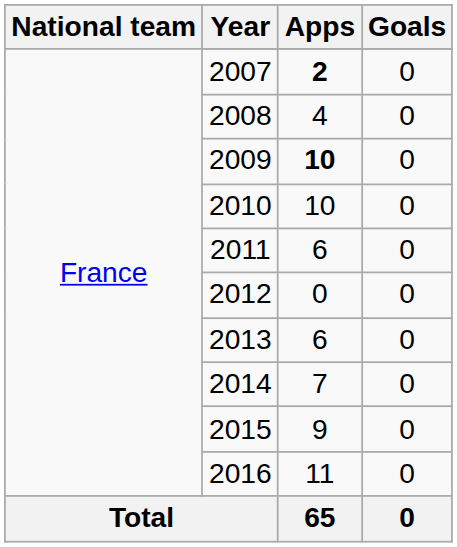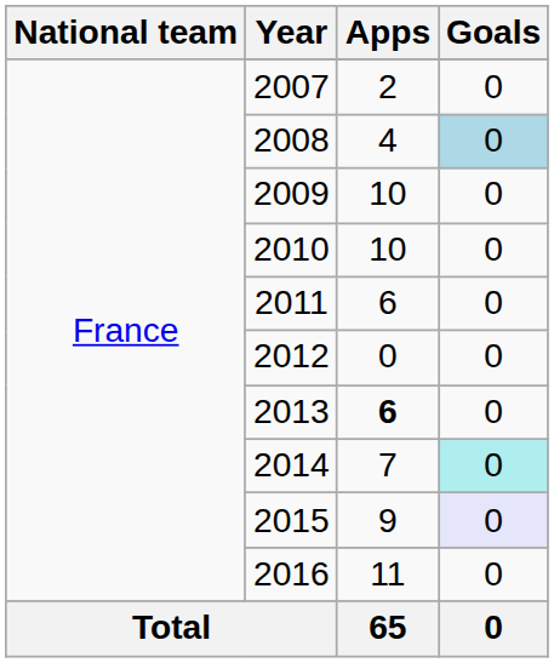 <table class="wikitable" style="text-align: center;">
 <tr>
 <th>National team</th>
 <th>Year</th>
 <th>Apps</th>
 <th>Goals</th>
 </tr>
 <tr>
 <td rowspan="11"><a href='#'>France</a></td>
 </tr>
 <tr>
 <td>2007</td>
-<td><strong>2</strong></td>
+<td>2</td>
 <td>0</td>
 </tr>
 <tr>
 <td>2008</td>
 <td>4</td>
-<td>0</td>
+<td style="background: lightblue;">0</td>
 </tr>
 <tr>
 <td>2009</td>
-<td><strong>10</strong></td>
+<td>10</td>
 <td>0</td>
 </tr>
 <tr>
 <td>2010</td>
 <td>10</td>
 <td>0</td>
 </tr>
 <tr>
 <td>2011</td>
 <td>6</td>
 <td>0</td>
 </tr>
 <tr>
 <td>2012</td>
 <td>0</td>
 <td>0</td>
 </tr>
 <tr>
 <td>2013</td>
-<td>6</td>
+<td><strong>6</strong></td>
 <td>0</td>
 </tr>
 <tr>
 <td>2014</td>
 <td>7</td>
-<td>0</td>
+<td style="background: paleturquoise;">0</td>
 </tr>
 <tr>
 <td>2015</td>
 <td>9</td>
-<td>0</td>
+<td style="background: lavender;">0</td>
 </tr>
 <tr>
 <td>2016</td>
 <td>11</td>
 <td>0</td>
 </tr>
 <tr>
 <th colspan="2">Total</th>
 <th>65</th>
 <th>0</th>
 </tr>
 </table>
